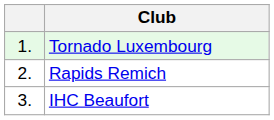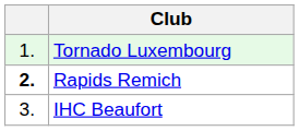 <table class="wikitable">
 <tr>
 <th width="30"></th>
 <th width="200">Club</th>
 </tr>
 <tr bgcolor="#e6fae6" align="center">
 <td>1.</td>
 <td align="left"><a href='#'>Tornado Luxembourg</a></td>
 </tr>
 <tr bgcolor="#FFFFFF" align="center">
-<td>2.</td>
+<td><strong>2.</strong></td>
 <td align="left"><a href='#'>Rapids Remich</a></td>
 </tr>
 <tr bgcolor="#FFFFFF" align="center">
 <td>3.</td>
 <td align="left"><a href='#'>IHC Beaufort</a></td>
 </tr>
 </table>
